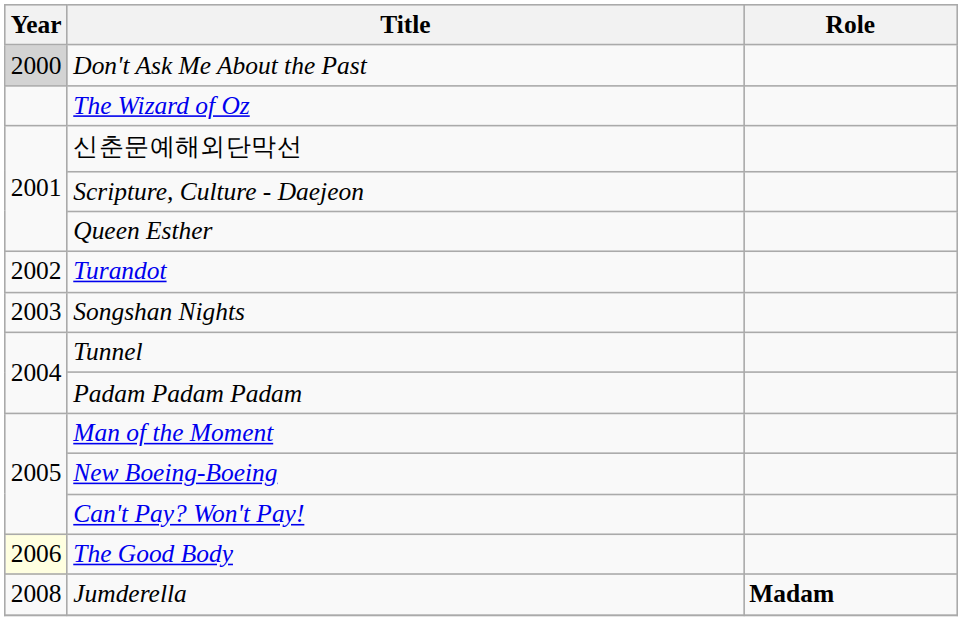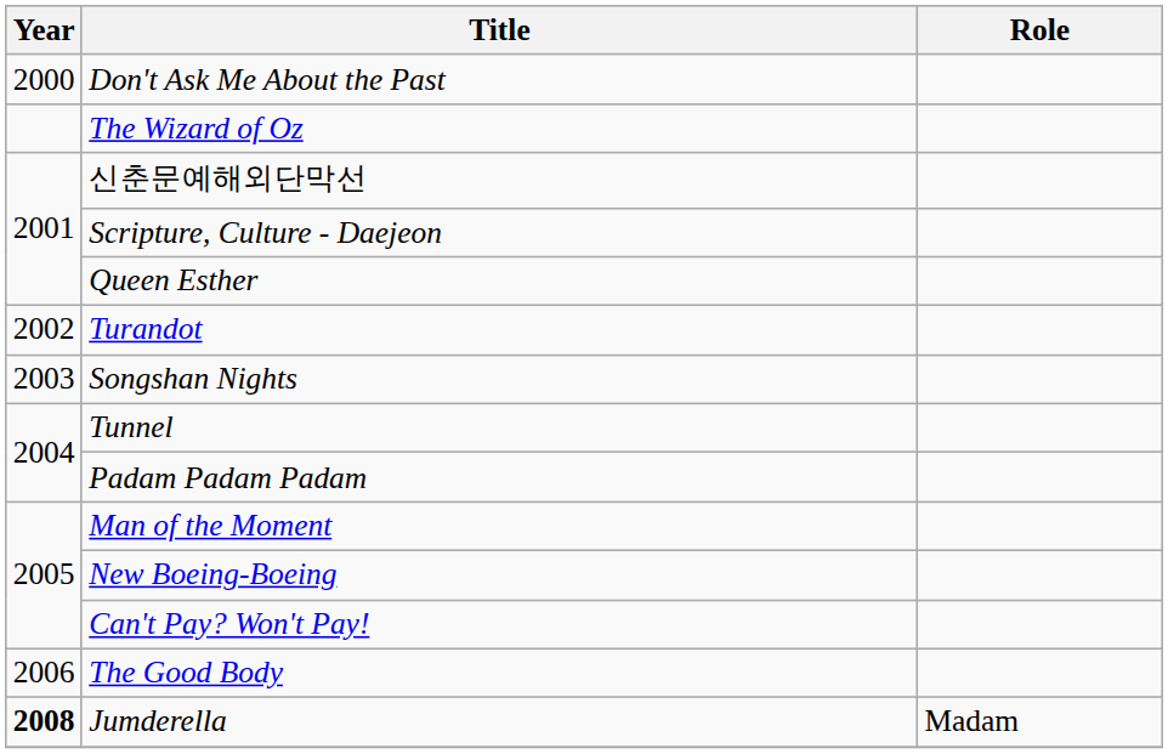 <table class="wikitable" style="width:600px">
 <tr>
 <th width=10>Year</th>
 <th>Title</th>
 <th>Role</th>
 </tr>
 <tr>
-<td style="background: lightgrey;">2000</td>
+<td>2000</td>
 <td><em>Don't Ask Me About the Past</em></td>
 <td></td>
 </tr>
 <tr>
 <td></td>
 <td><em><a href='#'>The Wizard of Oz</a></em></td>
 <td></td>
 </tr>
 <tr>
 <td rowspan=3>2001</td>
 <td>신춘문예해외단막선</td>
 <td></td>
 </tr>
 <tr>
 <td><em>Scripture, Culture - Daejeon</em></td>
 <td></td>
 </tr>
 <tr>
 <td><em>Queen Esther</em></td>
 <td></td>
 </tr>
 <tr>
 <td>2002</td>
 <td><em><a href='#'>Turandot</a></em></td>
 <td></td>
 </tr>
 <tr>
 <td>2003</td>
 <td><em>Songshan Nights</em></td>
 <td></td>
 </tr>
 <tr>
 <td rowspan=2>2004</td>
 <td><em>Tunnel</em></td>
 <td></td>
 </tr>
 <tr>
 <td><em>Padam Padam Padam</em></td>
 <td></td>
 </tr>
 <tr>
 <td rowspan=3>2005</td>
 <td><em><a href='#'>Man of the Moment</a></em></td>
 <td></td>
 </tr>
 <tr>
 <td><em><a href='#'>New Boeing-Boeing</a></em></td>
 <td></td>
 </tr>
 <tr>
 <td><em><a href='#'>Can't Pay? Won't Pay!</a></em></td>
 <td></td>
 </tr>
 <tr>
-<td style="background: lightyellow;">2006</td>
+<td>2006</td>
 <td><em><a href='#'>The Good Body</a></em></td>
 <td></td>
 </tr>
 <tr>
-<td>2008</td>
+<td><strong>2008</strong></td>
 <td><em>Jumderella</em></td>
-<td><strong>Madam</strong></td>
+<td>Madam</td>
 </tr>
 <tr>
 </tr>
 </table>
